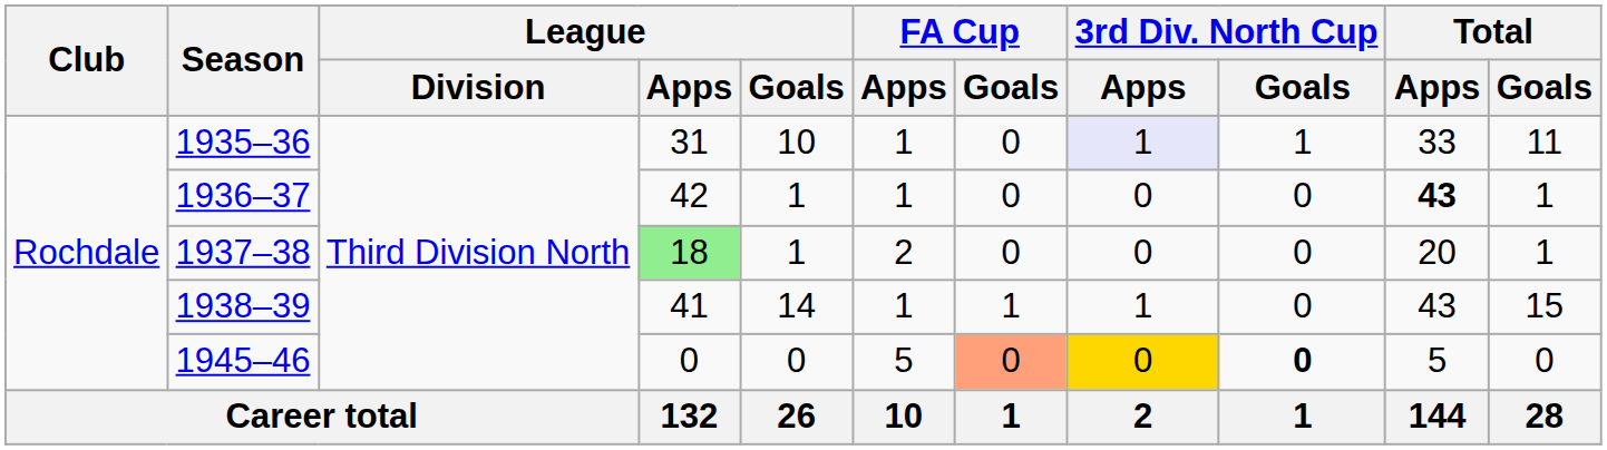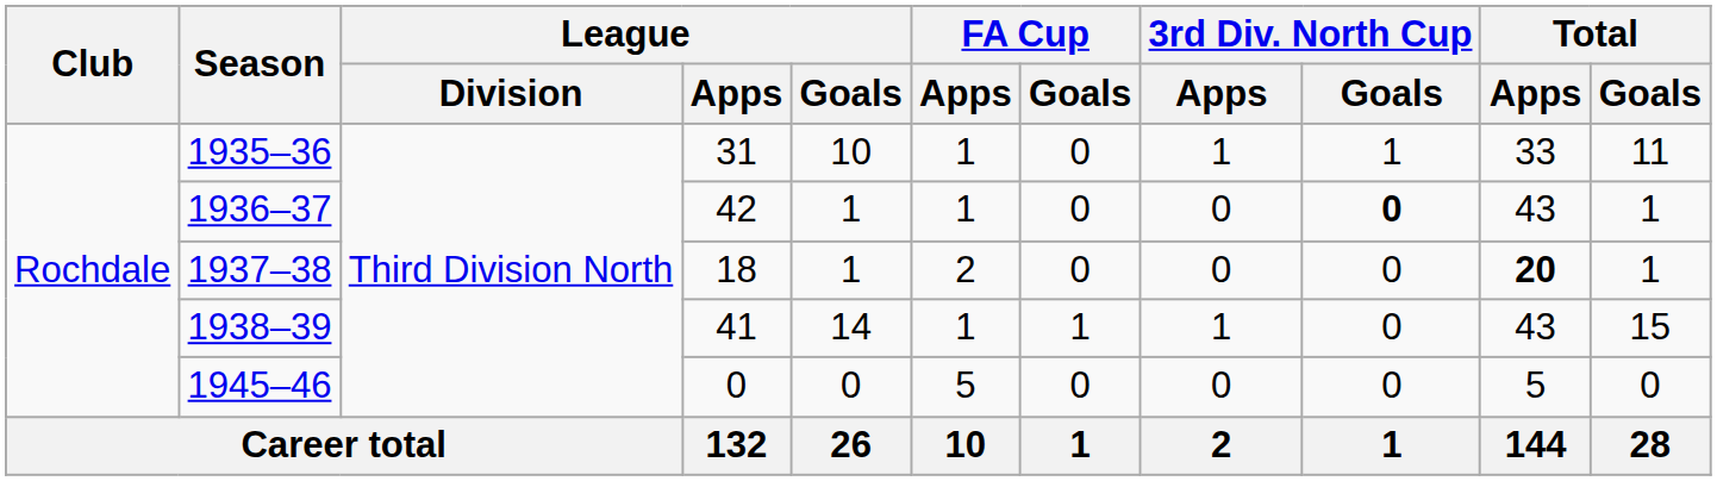 <table class="wikitable" style="text-align: center">
 <tr>
 <th rowspan="2">Club</th>
 <th rowspan="2">Season</th>
 <th colspan="3">League</th>
 <th colspan="2"><a href='#'>FA Cup</a></th>
 <th colspan="2"><a href='#'>3rd Div. North Cup</a></th>
 <th colspan="2">Total</th>
 </tr>
 <tr>
 <th>Division</th>
 <th>Apps</th>
 <th>Goals</th>
 <th>Apps</th>
 <th>Goals</th>
 <th>Apps</th>
 <th>Goals</th>
 <th>Apps</th>
 <th>Goals</th>
 </tr>
 <tr>
 <td rowspan="5"><a href='#'>Rochdale</a></td>
 <td><a href='#'>1935–36</a></td>
 <td rowspan="5"><a href='#'>Third Division North</a></td>
 <td>31</td>
 <td>10</td>
 <td>1</td>
 <td>0</td>
-<td style="background: lavender;">1</td>
+<td>1</td>
 <td>1</td>
 <td>33</td>
 <td>11</td>
 </tr>
 <tr>
 <td><a href='#'>1936–37</a></td>
 <td>42</td>
 <td>1</td>
 <td>1</td>
 <td>0</td>
 <td>0</td>
-<td>0</td>
-<td><strong>43</strong></td>
+<td><strong>0</strong></td>
+<td>43</td>
 <td>1</td>
 </tr>
 <tr>
 <td><a href='#'>1937–38</a></td>
-<td style="background: lightgreen;">18</td>
+<td>18</td>
 <td>1</td>
 <td>2</td>
 <td>0</td>
 <td>0</td>
 <td>0</td>
-<td>20</td>
+<td><strong>20</strong></td>
 <td>1</td>
 </tr>
 <tr>
 <td><a href='#'>1938–39</a></td>
 <td>41</td>
 <td>14</td>
 <td>1</td>
 <td>1</td>
 <td>1</td>
 <td>0</td>
 <td>43</td>
 <td>15</td>
 </tr>
 <tr>
 <td><a href='#'>1945–46</a></td>
 <td>0</td>
 <td>0</td>
 <td>5</td>
-<td style="background: lightsalmon;">0</td>
-<td style="background: gold;">0</td>
-<td><strong>0</strong></td>
+<td>0</td>
+<td>0</td>
+<td>0</td>
 <td>5</td>
 <td>0</td>
 </tr>
 <tr>
 <th colspan="3">Career total</th>
 <th>132</th>
 <th>26</th>
 <th>10</th>
 <th>1</th>
 <th>2</th>
 <th>1</th>
 <th>144</th>
 <th>28</th>
 </tr>
 </table>
